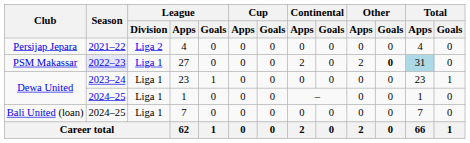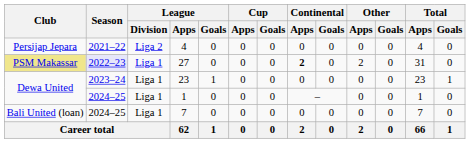 <table class="wikitable" style="text-align: center">
 <tr>
 <th rowspan="2">Club</th>
 <th rowspan="2">Season</th>
 <th colspan="3">League</th>
 <th colspan="2">Cup</th>
 <th colspan="2">Continental</th>
 <th colspan="2">Other</th>
 <th colspan="2">Total</th>
 </tr>
 <tr>
 <th>Division</th>
 <th>Apps</th>
 <th>Goals</th>
 <th>Apps</th>
 <th>Goals</th>
 <th>Apps</th>
 <th>Goals</th>
 <th>Apps</th>
 <th>Goals</th>
 <th>Apps</th>
 <th>Goals</th>
 </tr>
 <tr>
 <td rowspan="1"><a href='#'>Persijap Jepara</a></td>
 <td><a href='#'>2021–22</a></td>
 <td rowspan="1" valign="center"><a href='#'>Liga 2</a></td>
 <td>4</td>
 <td>0</td>
 <td>0</td>
 <td>0</td>
 <td>0</td>
 <td>0</td>
 <td>0</td>
 <td>0</td>
 <td>4</td>
 <td>0</td>
 </tr>
 <tr>
-<td rowspan="1"><a href='#'>PSM Makassar</a></td>
+<td rowspan="1" style="background: khaki;"><a href='#'>PSM Makassar</a></td>
 <td style="background: lavender;"><a href='#'>2022–23</a></td>
 <td rowspan="1" valign="center"><a href='#'>Liga 1</a></td>
 <td>27</td>
 <td>0</td>
 <td>0</td>
 <td>0</td>
+<td><strong>2</strong></td>
+<td>0</td>
 <td>2</td>
 <td>0</td>
-<td>2</td>
-<td><strong>0</strong></td>
-<td style="background: lightblue;">31</td>
+<td>31</td>
 <td>0</td>
 </tr>
 <tr>
 <td rowspan="2"><a href='#'>Dewa United</a></td>
 <td><a href='#'>2023–24</a></td>
 <td>Liga 1</td>
 <td>23</td>
 <td>1</td>
 <td>0</td>
 <td>0</td>
 <td>0</td>
 <td>0</td>
 <td>0</td>
 <td>0</td>
 <td>23</td>
 <td>1</td>
 </tr>
 <tr>
 <td><a href='#'>2024–25</a></td>
 <td>Liga 1</td>
 <td>1</td>
 <td>0</td>
 <td>0</td>
 <td>0</td>
 <td colspan="2">–</td>
 <td>0</td>
 <td>0</td>
 <td>1</td>
 <td>0</td>
 </tr>
 <tr>
 <td rowspan="1"><a href='#'>Bali United</a> (loan)</td>
 <td>2024–25</td>
 <td>Liga 1</td>
 <td>7</td>
 <td>0</td>
 <td>0</td>
 <td>0</td>
 <td>0</td>
 <td>0</td>
 <td>0</td>
 <td>0</td>
 <td>7</td>
 <td>0</td>
 </tr>
 <tr>
 <th colspan=3>Career total</th>
 <th>62</th>
 <th>1</th>
 <th>0</th>
 <th>0</th>
 <th>2</th>
 <th>0</th>
 <th>2</th>
 <th>0</th>
 <th>66</th>
 <th>1</th>
 </tr>
 </table>
